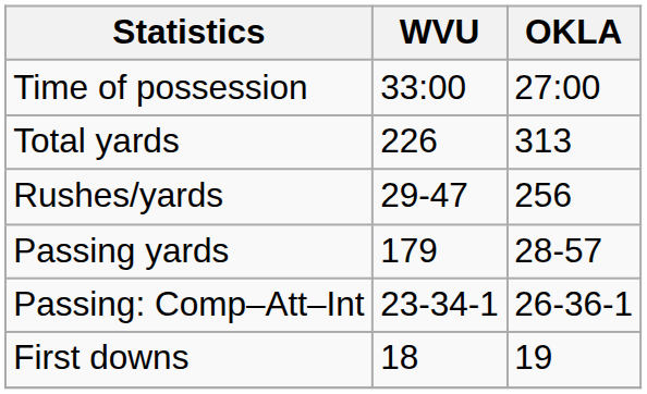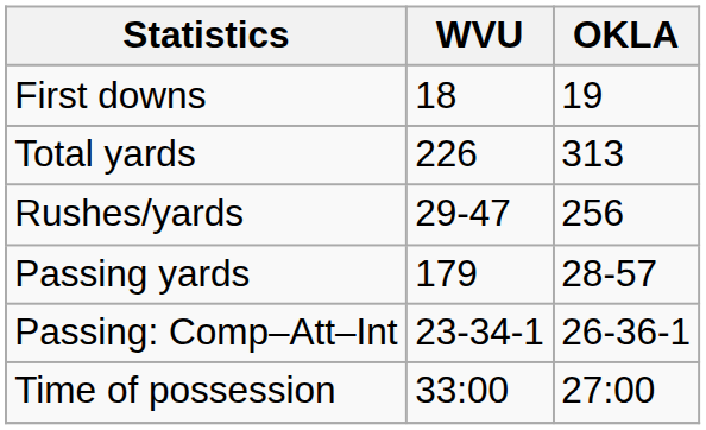 <table class="wikitable" style="float: left;">
 <tr>
 <th>Statistics</th>
 <th>WVU</th>
 <th>OKLA</th>
 </tr>
 <tr>
-<td>Time of possession</td>
-<td>33:00</td>
-<td>27:00</td>
+<td>First downs</td>
+<td>18</td>
+<td>19</td>
 </tr>
 <tr>
 <td>Total yards</td>
 <td>226</td>
 <td>313</td>
 </tr>
 <tr>
 <td>Rushes/yards</td>
 <td>29-47</td>
 <td>256</td>
 </tr>
 <tr>
 <td>Passing yards</td>
 <td>179</td>
 <td>28-57</td>
 </tr>
 <tr>
 <td>Passing: Comp–Att–Int</td>
 <td>23-34-1</td>
 <td>26-36-1</td>
 </tr>
 <tr>
-<td>First downs</td>
-<td>18</td>
-<td>19</td>
+<td>Time of possession</td>
+<td>33:00</td>
+<td>27:00</td>
 </tr>
 <tr>
 </tr>
 </table>
